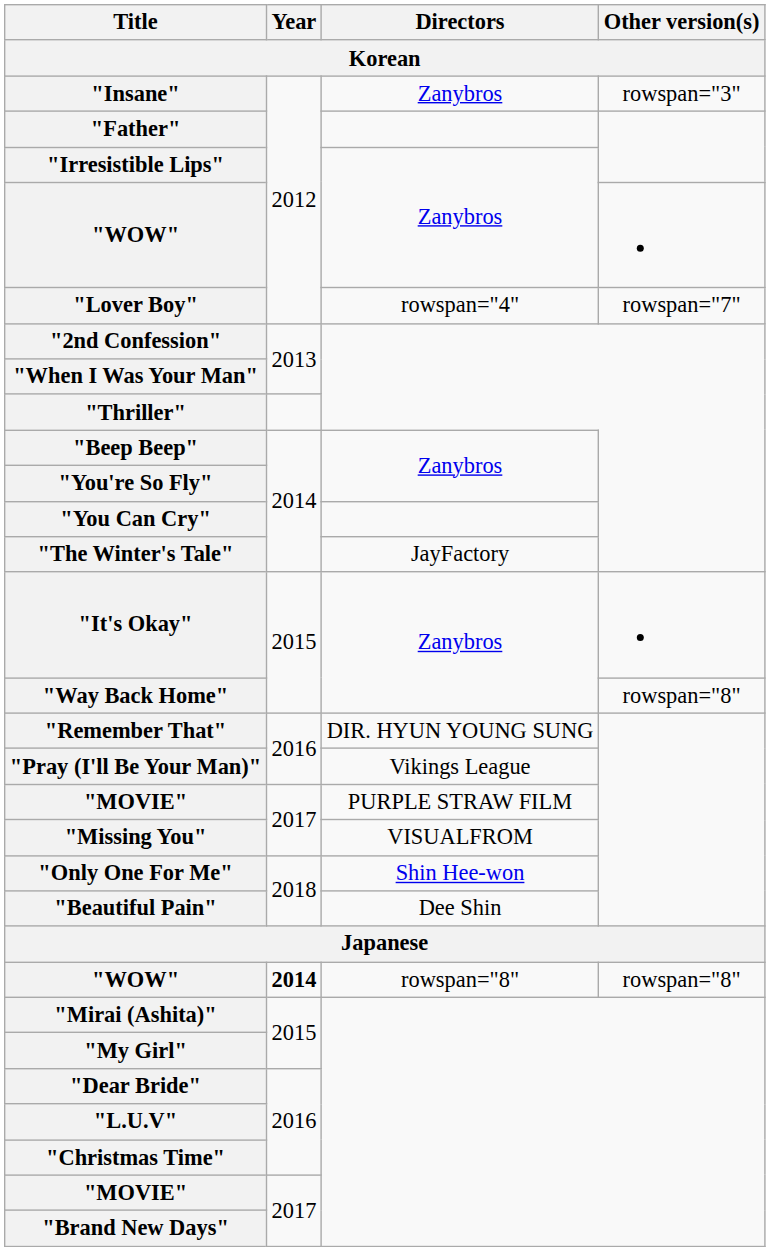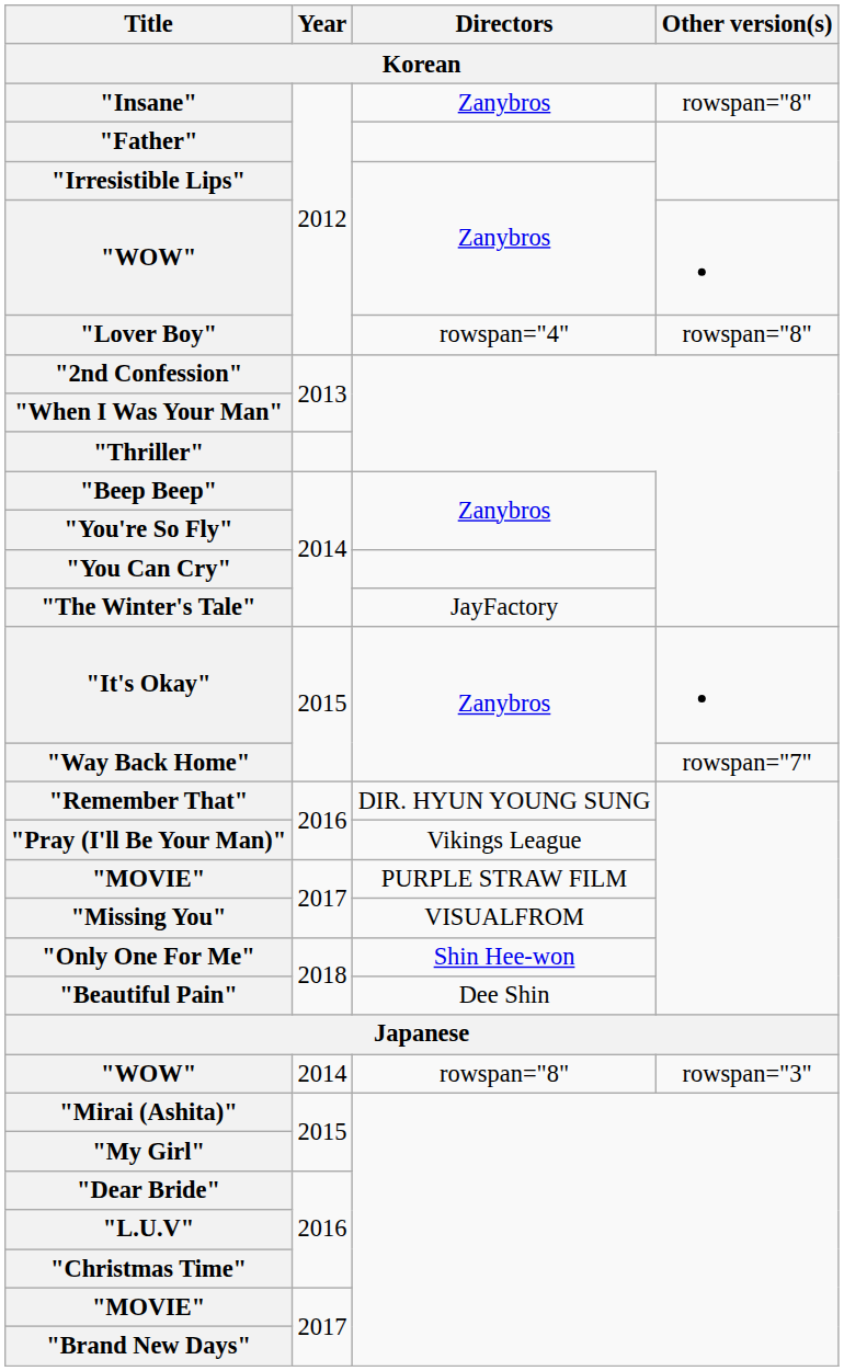 <table class="wikitable plainrowheaders" style="text-align:center">
 <tr>
 <th scope="col">Title</th>
 <th scope="col">Year</th>
 <th scope="col">Directors</th>
 <th scope="col">Other version(s)</th>
 </tr>
 <tr>
 <th colspan="4">Korean</th>
 </tr>
 <tr>
 <th scope="row">"Insane"</th>
 <td rowspan="5">2012</td>
 <td><a href='#'>Zanybros</a></td>
-<td>rowspan="3" </td>
+<td>rowspan="8" </td>
 </tr>
 <tr>
 <th scope="row">"Father"</th>
 <td></td>
 </tr>
 <tr>
 <th scope="row">"Irresistible Lips"</th>
 <td rowspan="2"><a href='#'>Zanybros</a></td>
 </tr>
 <tr>
 <th scope="row">"WOW"</th>
 <td><br><ul><li></li></ul></td>
 </tr>
 <tr>
 <th scope="row">"Lover Boy"</th>
 <td>rowspan="4" </td>
-<td>rowspan="7" </td>
+<td>rowspan="8" </td>
 </tr>
 <tr>
 <th scope="row">"2nd Confession"</th>
 <td rowspan="2">2013</td>
 </tr>
 <tr>
 <th scope="row">"When I Was Your Man"</th>
 </tr>
 <tr>
 <th scope="row">"Thriller"</th>
 <td></td>
 </tr>
 <tr>
 <th scope="row">"Beep Beep"</th>
 <td rowspan="4">2014</td>
 <td rowspan="2"><a href='#'>Zanybros</a></td>
 </tr>
 <tr>
 <th scope="row">"You're So Fly"</th>
 </tr>
 <tr>
 <th scope="row">"You Can Cry"</th>
 <td></td>
 </tr>
 <tr>
 <th scope="row">"The Winter's Tale"</th>
 <td>JayFactory</td>
 </tr>
 <tr>
 <th scope="row">"It's Okay"</th>
 <td rowspan="2">2015</td>
 <td rowspan="2"><a href='#'>Zanybros</a></td>
 <td><br><ul><li></li></ul></td>
 </tr>
 <tr>
 <th scope="row">"Way Back Home"</th>
-<td>rowspan="8" </td>
+<td>rowspan="7" </td>
 </tr>
 <tr>
 <th scope="row">"Remember That"</th>
 <td rowspan="2">2016</td>
 <td>DIR. HYUN YOUNG SUNG</td>
 </tr>
 <tr>
 <th scope="row">"Pray (I'll Be Your Man)"</th>
 <td>Vikings League</td>
 </tr>
 <tr>
 <th scope="row">"MOVIE"</th>
 <td rowspan="2">2017</td>
 <td>PURPLE STRAW FILM</td>
 </tr>
 <tr>
 <th scope="row">"Missing You"</th>
 <td>VISUALFROM</td>
 </tr>
 <tr>
 <th scope="row">"Only One For Me"</th>
 <td rowspan="2">2018</td>
 <td><a href='#'>Shin Hee-won</a></td>
 </tr>
 <tr>
 <th scope="row">"Beautiful Pain"</th>
 <td>Dee Shin</td>
 </tr>
 <tr>
 <th colspan="4">Japanese</th>
 </tr>
 <tr>
 <th scope="row">"WOW"</th>
-<td><strong>2014</strong></td>
+<td>2014</td>
 <td>rowspan="8" </td>
-<td>rowspan="8" </td>
+<td>rowspan="3" </td>
 </tr>
 <tr>
 <th scope="row">"Mirai (Ashita)"</th>
 <td rowspan="2">2015</td>
 </tr>
 <tr>
 <th scope="row">"My Girl"</th>
 </tr>
 <tr>
 <th scope="row">"Dear Bride"</th>
 <td rowspan="3">2016</td>
 </tr>
 <tr>
 <th scope="row">"L.U.V"</th>
 </tr>
 <tr>
 <th scope="row">"Christmas Time"</th>
 </tr>
 <tr>
 <th scope="row">"MOVIE"</th>
 <td rowspan="2">2017</td>
 </tr>
 <tr>
 <th Scope="row">"Brand New Days"</th>
 </tr>
 </table>
